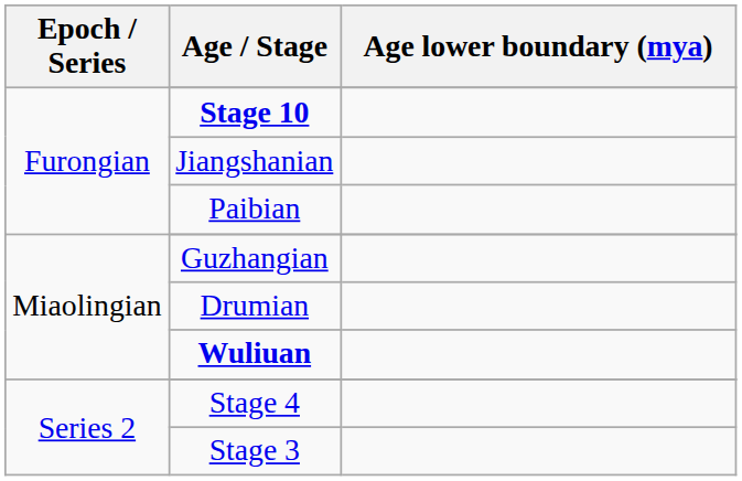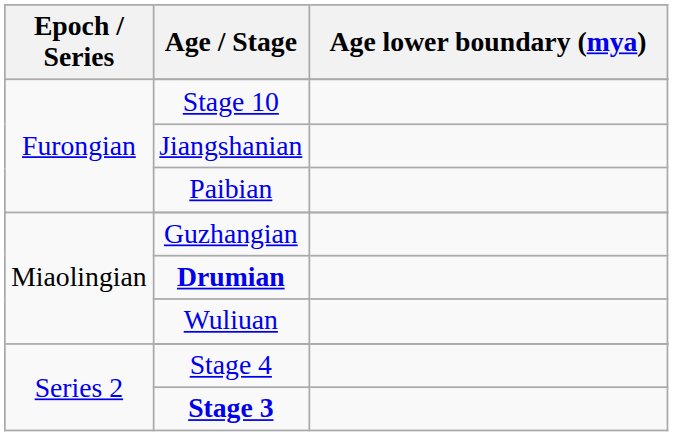 <table class="wikitable" style="text-align:center;">
 <tr>
 <th style="width:75px;">Epoch / Series</th>
 <th style="width:75px;">Age / Stage</th>
 <th style="width:200px;">Age lower boundary (<a href='#'>mya</a>)</th>
 </tr>
 <tr style="background:">
 <td rowspan="4"><a href='#'>Furongian</a></td>
 </tr>
 <tr style="background:">
-<td><strong><a href='#'>Stage 10</a></strong></td>
+<td><a href='#'>Stage 10</a></td>
 <td></td>
 </tr>
 <tr style="background:">
 <td><a href='#'>Jiangshanian</a></td>
 <td></td>
 </tr>
 <tr style="background:">
 <td><a href='#'>Paibian</a></td>
 <td></td>
 </tr>
 <tr style="background:">
 <td rowspan="4">Miaolingian</td>
 </tr>
 <tr style="background:">
 <td><a href='#'>Guzhangian</a></td>
 <td></td>
 </tr>
 <tr style="background:">
-<td><a href='#'>Drumian</a></td>
+<td><strong><a href='#'>Drumian</a></strong></td>
 <td></td>
 </tr>
 <tr style="background:">
-<td><strong><a href='#'>Wuliuan</a></strong></td>
+<td><a href='#'>Wuliuan</a></td>
 <td></td>
 </tr>
 <tr style="background:">
 <td rowspan="3"><a href='#'>Series 2</a></td>
 </tr>
 <tr style="background:">
 <td><a href='#'>Stage 4</a></td>
 <td></td>
 </tr>
 <tr style="background:">
-<td><a href='#'>Stage 3</a></td>
+<td><strong><a href='#'>Stage 3</a></strong></td>
 <td></td>
 </tr>
 </table>
